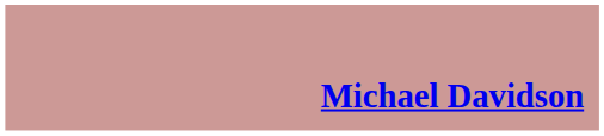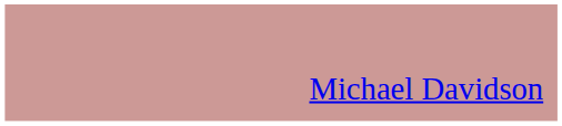 <table class="toccolours" style="float: right; margin-left: 2em; margin-right: 1em; font-size: 90%; background:#CC9996; width:30em; max-width: 40%;" cellspacing="5">
 <tr>
 <td style="text-align: left;"><br></td>
 </tr>
 <tr>
-<td style="text-align: right;"><strong><a href='#'>Michael Davidson</a></strong></td>
+<td style="text-align: right;"><a href='#'>Michael Davidson</a></td>
 </tr>
 </table>
